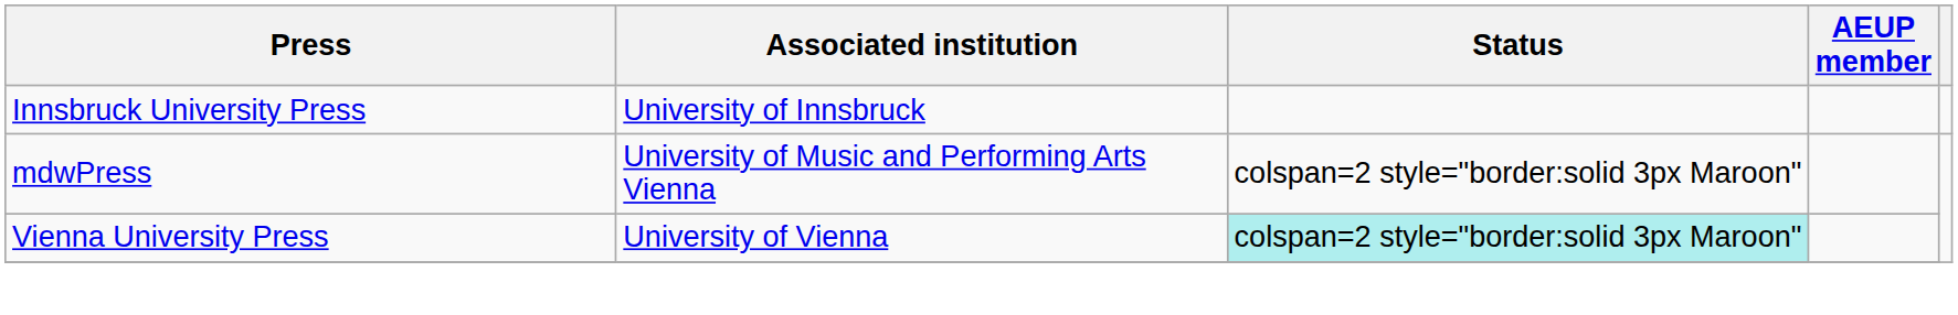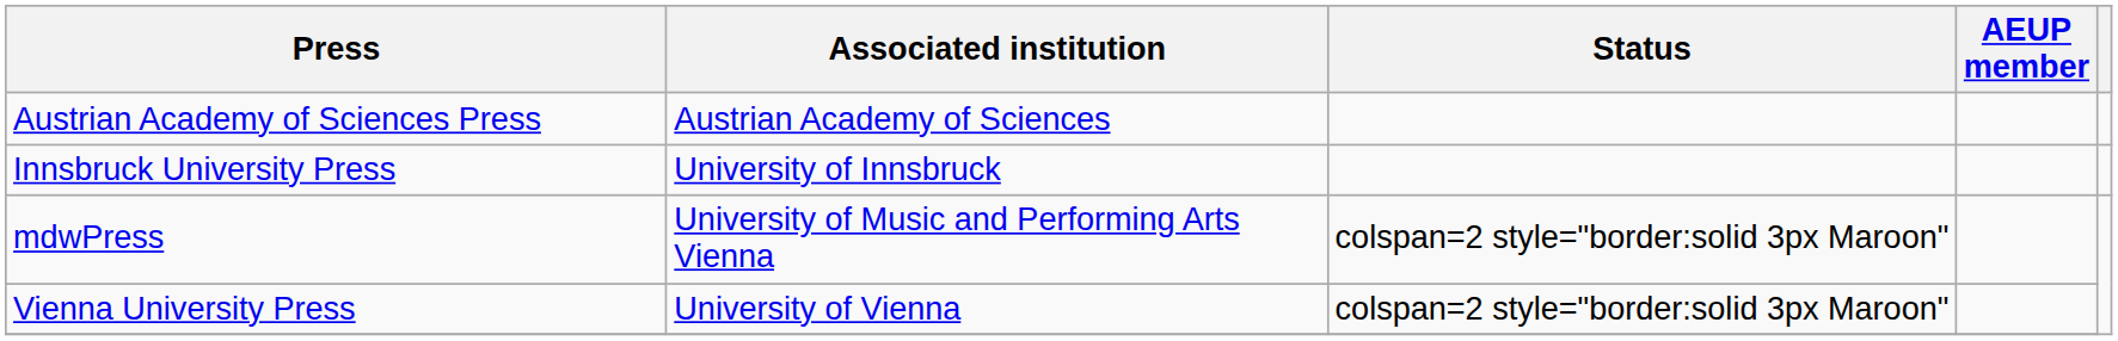 <table class="wikitable sortable">
 <tr>
 <th style="width:20em">Press</th>
 <th style="width:20em">Associated institution</th>
 <th>Status</th>
 <th><a href='#'>AEUP<br>member</a></th>
 <th></th>
+</tr>
+<tr>
+<td><a href='#'>Austrian Academy of Sciences Press</a></td>
+<td><a href='#'>Austrian Academy of Sciences</a></td>
+<td></td>
+<td></td>
+<td></td>
 </tr>
 <tr>
 <td><a href='#'>Innsbruck University Press</a></td>
 <td><a href='#'>University of Innsbruck</a></td>
 <td></td>
 <td></td>
 <td></td>
 </tr>
 <tr>
 <td><a href='#'>mdwPress</a></td>
 <td><a href='#'>University of Music and Performing Arts Vienna</a></td>
 <td>colspan=2 style="border:solid 3px Maroon" </td>
 <td></td>
 </tr>
 <tr>
 <td><a href='#'>Vienna University Press</a></td>
 <td><a href='#'>University of Vienna</a></td>
-<td style="background: paleturquoise;">colspan=2 style="border:solid 3px Maroon" </td>
+<td>colspan=2 style="border:solid 3px Maroon" </td>
 <td></td>
 </tr>
 <tr>
 </tr>
 </table>
